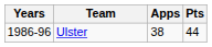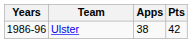 <table class="wikitable" style="text-align:left;">
 <tr>
 <th>Years</th>
 <th width=120px>Team</th>
 <th>Apps</th>
 <th>Pts</th>
 </tr>
 <tr>
 <td>1986-96</td>
 <td><a href='#'>Ulster</a></td>
 <td>38</td>
-<td>44</td>
+<td>42</td>
 </tr>
 </table>
